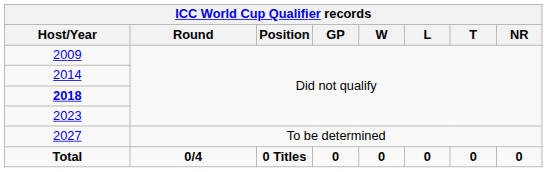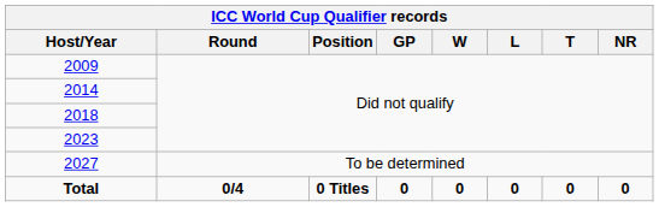 <table class="wikitable" style="text-align: center;">
 <tr>
 <th colspan=8><a href='#'>ICC World Cup Qualifier</a> records</th>
 </tr>
 <tr>
 <th width=150>Host/Year</th>
 <th width=150>Round</th>
 <th width=50>Position</th>
 <th width=50>GP</th>
 <th width=50>W</th>
 <th width=50>L</th>
 <th width=50>T</th>
 <th width=50>NR</th>
 </tr>
 <tr>
 <td> <a href='#'>2009</a></td>
 <td rowspan=4 colspan=8>Did not qualify</td>
 </tr>
 <tr>
 <td> <a href='#'>2014</a></td>
 </tr>
 <tr>
-<td><strong> <a href='#'>2018</a></strong></td>
+<td> <a href='#'>2018</a></td>
 </tr>
 <tr>
 <td> <a href='#'>2023</a></td>
 </tr>
 <tr>
 <td> <a href='#'>2027</a></td>
 <td colspan=8>To be determined</td>
 </tr>
 <tr>
 <td><strong>Total</strong></td>
 <td><strong>0/4</strong></td>
 <td><strong>0 Titles</strong></td>
 <td><strong>0</strong></td>
 <td><strong>0</strong></td>
 <td><strong>0</strong></td>
 <td><strong>0</strong></td>
 <td><strong>0</strong></td>
 </tr>
 </table>
